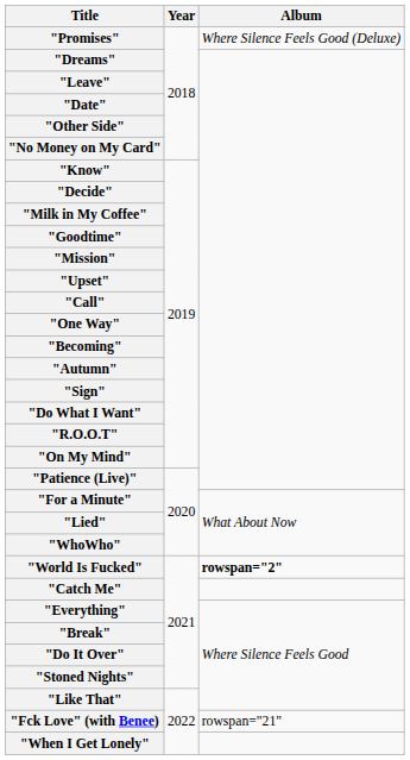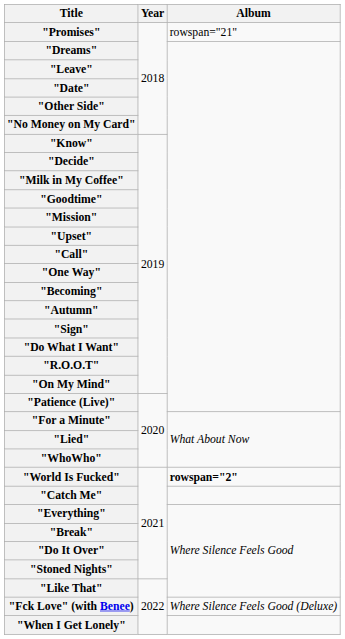 <table class="wikitable plainrowheaders">
 <tr>
 <th scope="col">Title</th>
 <th scope="col">Year</th>
 <th scope="col">Album</th>
 </tr>
 <tr>
 <th scope="row">"Promises"</th>
 <td rowspan="6">2018</td>
-<td><em>Where Silence Feels Good (Deluxe)</em></td>
+<td>rowspan="21" </td>
 </tr>
 <tr>
 <th scope="row">"Dreams"</th>
 </tr>
 <tr>
 <th scope="row">"Leave"</th>
 </tr>
 <tr>
 <th scope="row">"Date"</th>
 </tr>
 <tr>
 <th scope="row">"Other Side"</th>
 </tr>
 <tr>
 <th scope="row">"No Money on My Card"</th>
 </tr>
 <tr>
 <th scope="row">"Know"</th>
 <td rowspan="14">2019</td>
 </tr>
 <tr>
 <th scope="row">"Decide"</th>
 </tr>
 <tr>
 <th scope="row">"Milk in My Coffee"</th>
 </tr>
 <tr>
 <th scope="row">"Goodtime"</th>
 </tr>
 <tr>
 <th scope="row">"Mission"</th>
 </tr>
 <tr>
 <th scope="row">"Upset"</th>
 </tr>
 <tr>
 <th scope="row">"Call"</th>
 </tr>
 <tr>
 <th scope="row">"One Way"</th>
 </tr>
 <tr>
 <th scope="row">"Becoming"</th>
 </tr>
 <tr>
 <th scope="row">"Autumn"</th>
 </tr>
 <tr>
 <th scope="row">"Sign"</th>
 </tr>
 <tr>
 <th scope="row">"Do What I Want"</th>
 </tr>
 <tr>
 <th scope="row">"R.O.O.T"</th>
 </tr>
 <tr>
 <th scope="row">"On My Mind"</th>
 </tr>
 <tr>
 <th scope="row">"Patience (Live)"</th>
 <td rowspan="4">2020</td>
 </tr>
 <tr>
 <th scope="row">"For a Minute"</th>
 <td rowspan="3"><em>What About Now</em></td>
 </tr>
 <tr>
 <th scope="row">"Lied"</th>
 </tr>
 <tr>
 <th scope="row">"WhoWho"</th>
 </tr>
 <tr>
 <th scope="row">"World Is Fucked"</th>
 <td rowspan="6">2021</td>
 <td><strong>rowspan="2" </strong></td>
 </tr>
 <tr>
 <th scope="row">"Catch Me"</th>
 </tr>
 <tr>
 <th scope="row">"Everything"</th>
 <td rowspan="5"><em>Where Silence Feels Good</em></td>
 </tr>
 <tr>
 <th scope="row">"Break"</th>
 </tr>
 <tr>
 <th scope="row">"Do It Over"</th>
 </tr>
 <tr>
 <th scope="row">"Stoned Nights"</th>
 </tr>
 <tr>
 <th scope="row">"Like That"</th>
 <td rowspan="3">2022</td>
 </tr>
 <tr>
 <th scope="row">"Fck Love" (with <a href='#'>Benee</a>)</th>
-<td>rowspan="21" </td>
+<td><em>Where Silence Feels Good (Deluxe)</em></td>
 </tr>
 <tr>
 <th scope="row">"When I Get Lonely"</th>
 <td></td>
 </tr>
 </table>
